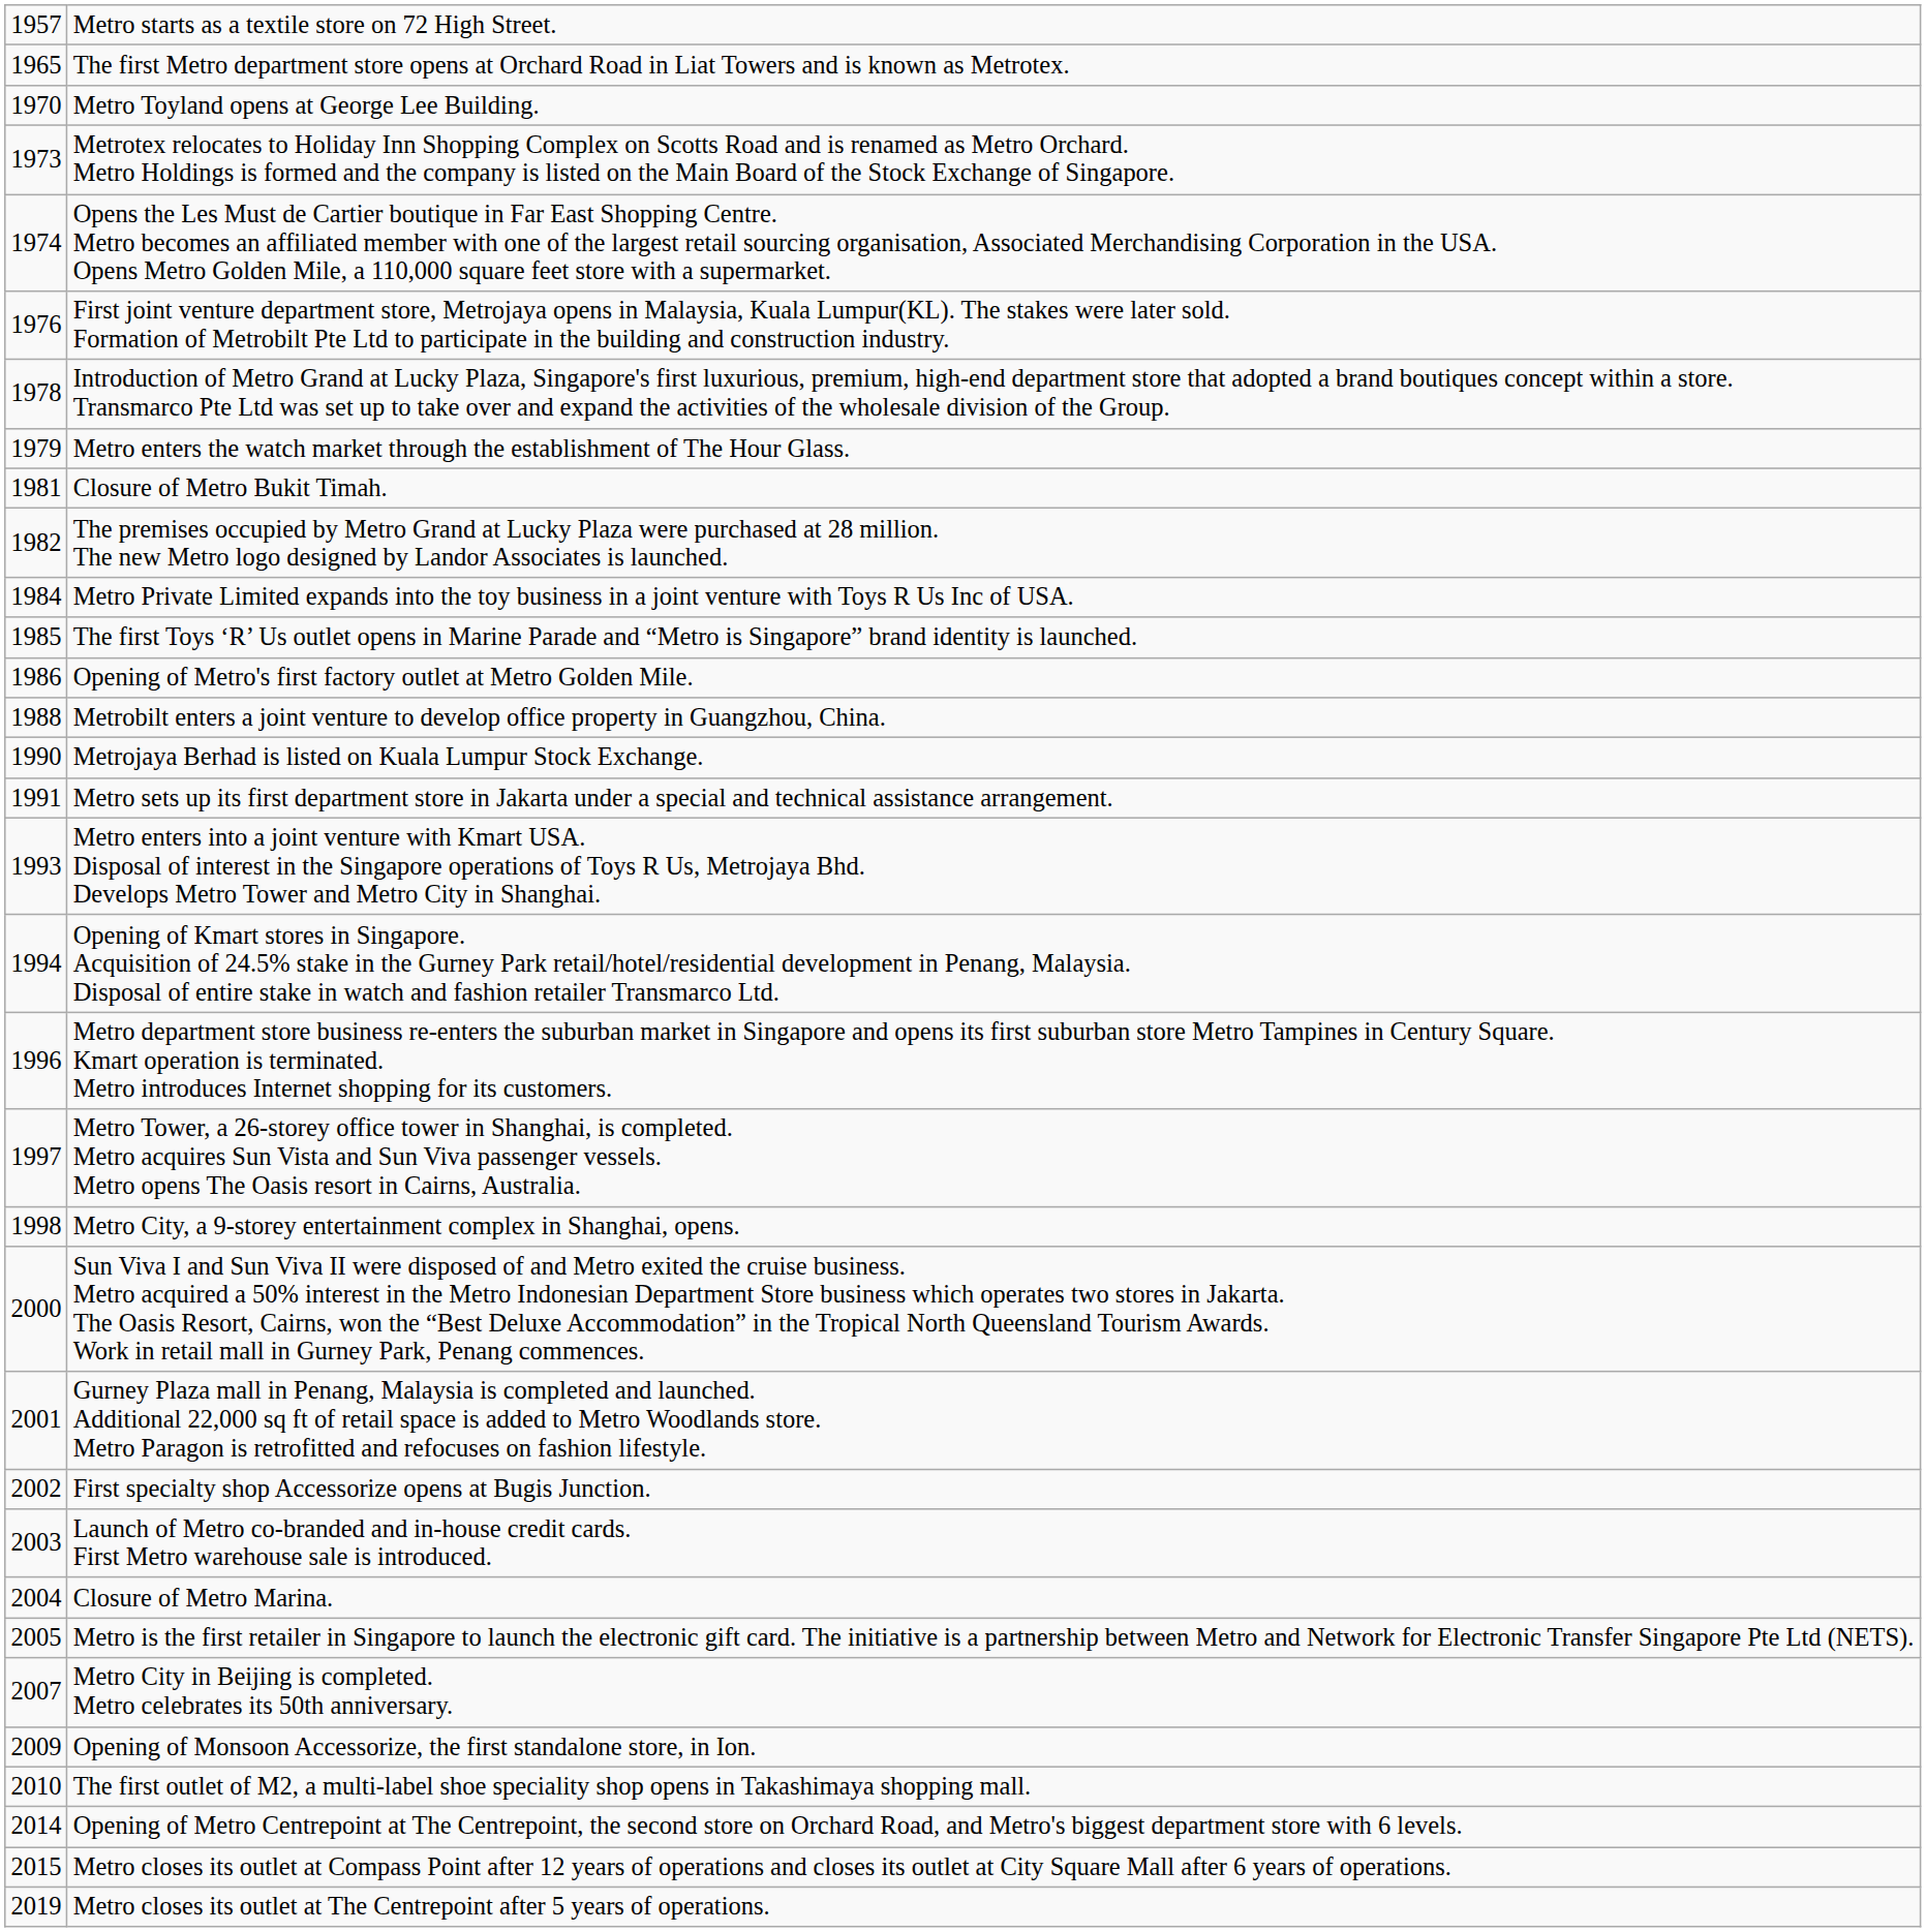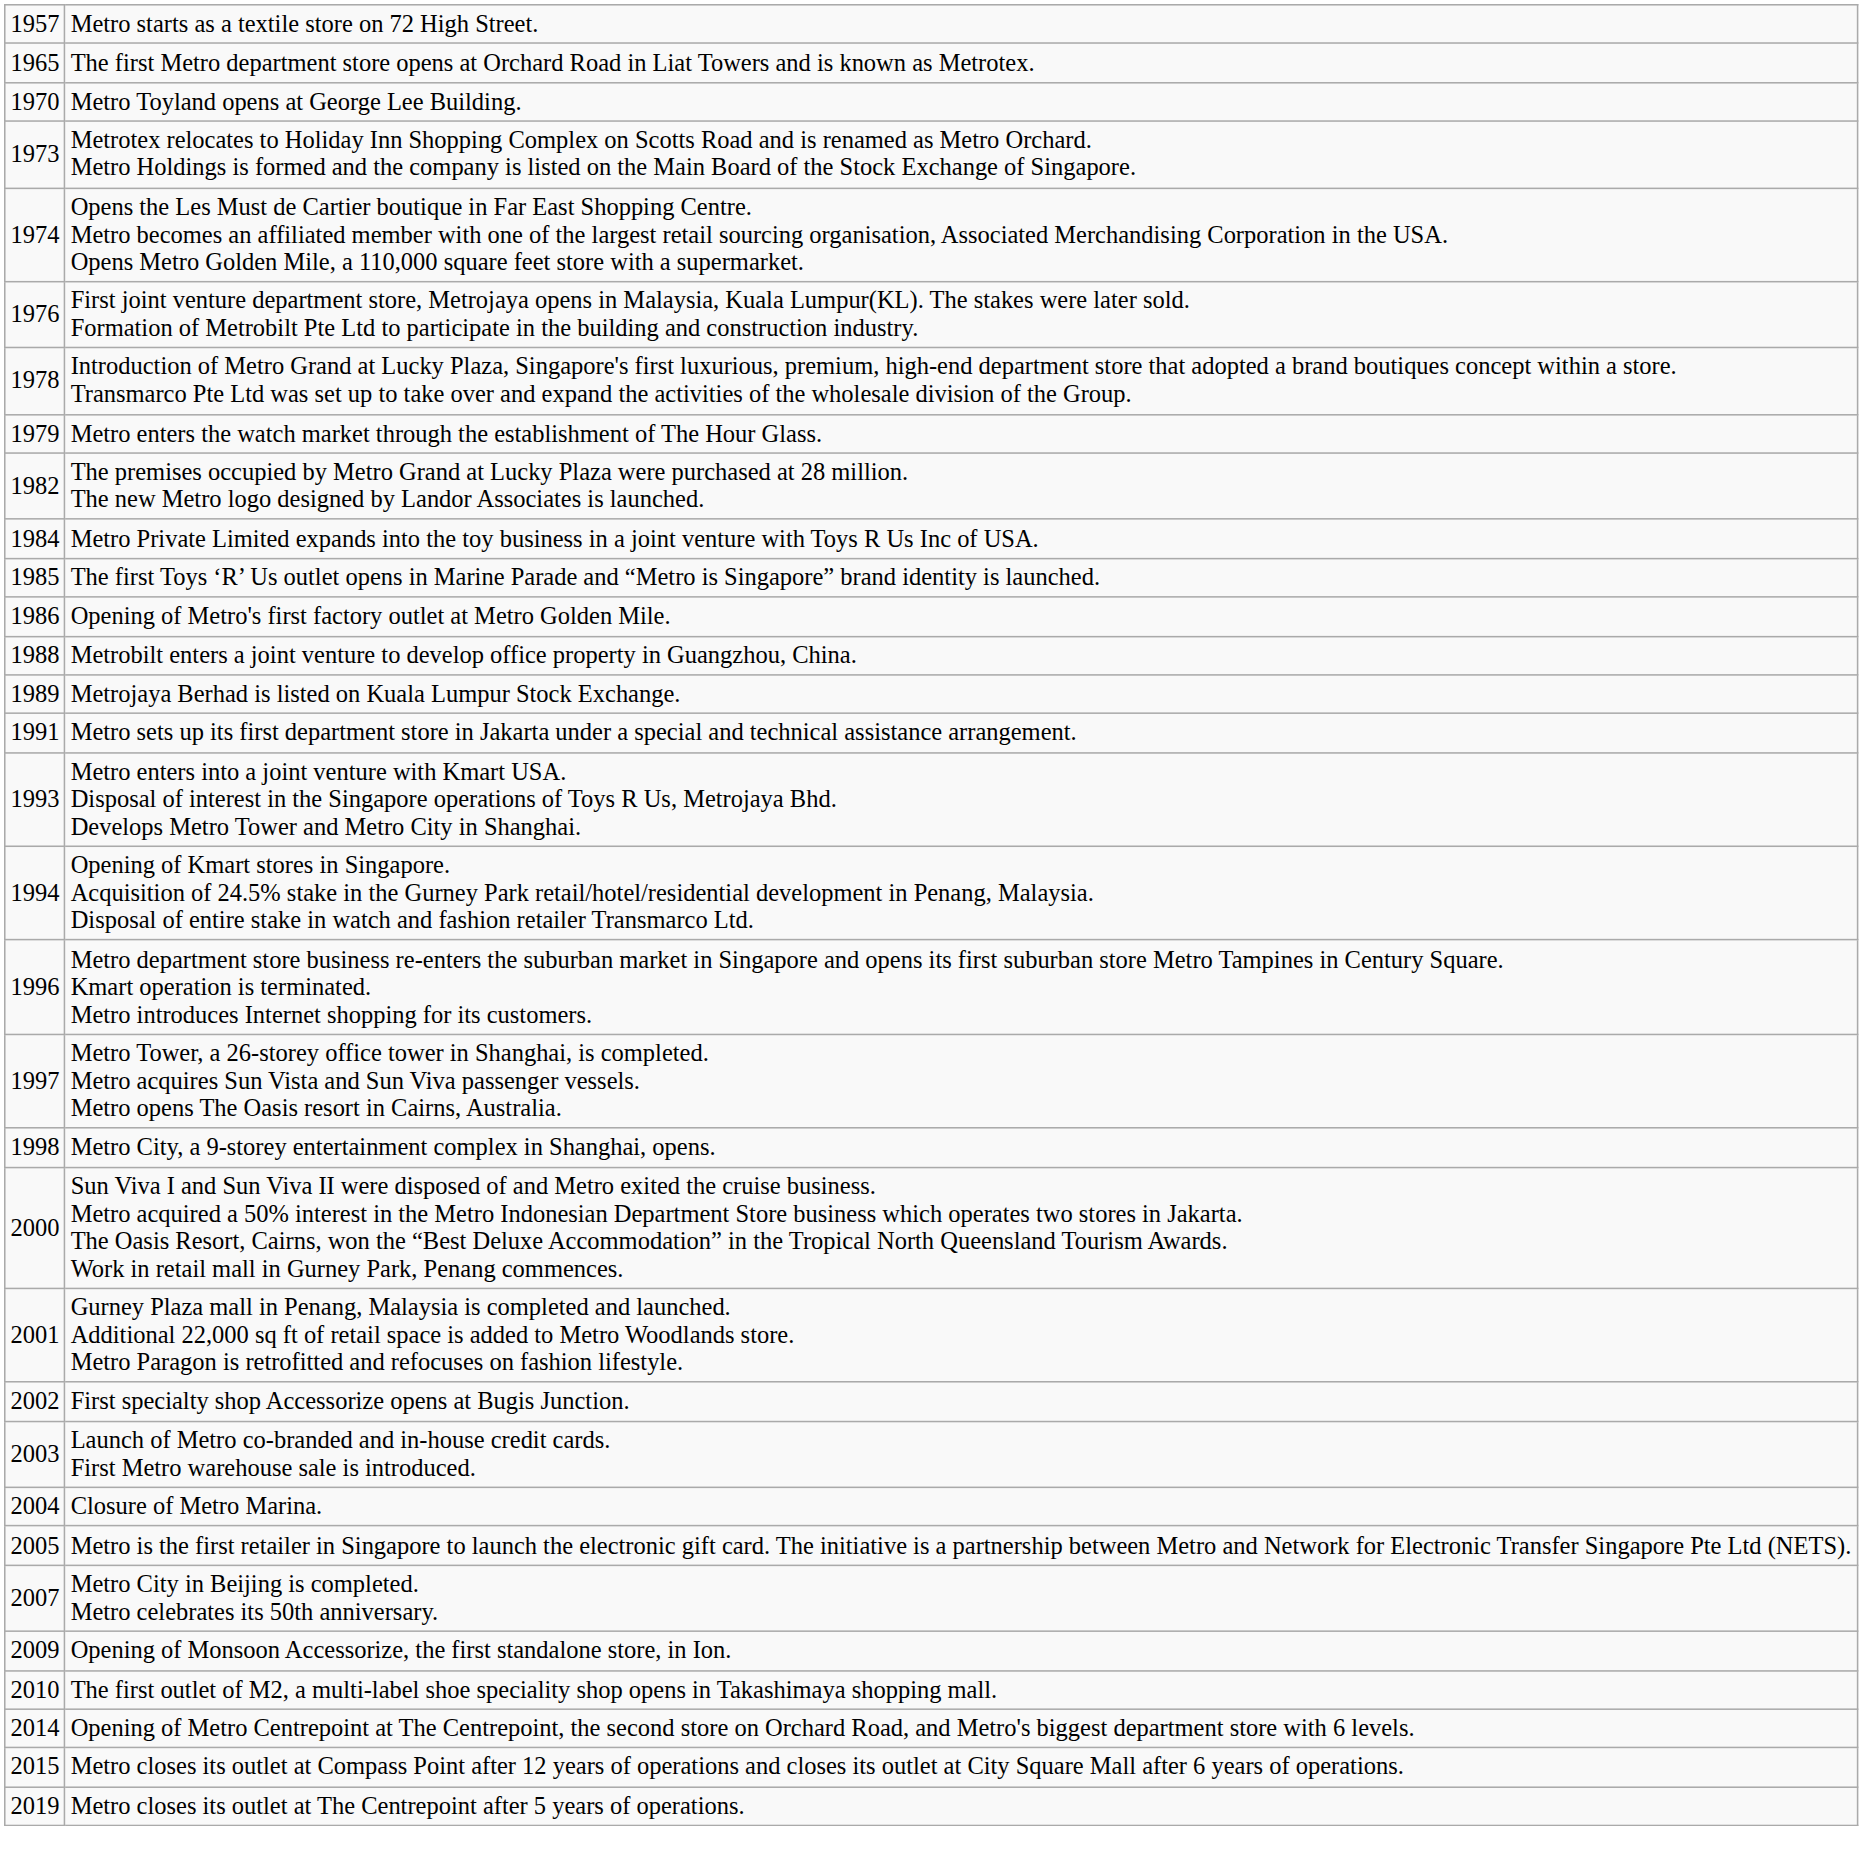 <table class="wikitable">
 <tr>
 <td>1957</td>
 <td>Metro starts as a textile store on 72 High Street.</td>
 </tr>
 <tr>
 <td>1965</td>
 <td>The first Metro department store opens at Orchard Road in Liat Towers and is known as Metrotex.</td>
 </tr>
 <tr>
 <td>1970</td>
 <td>Metro Toyland opens at George Lee Building.</td>
 </tr>
 <tr>
 <td>1973</td>
 <td>Metrotex relocates to Holiday Inn Shopping Complex on Scotts Road and is renamed as Metro Orchard.<br>Metro Holdings is formed and the company is listed on the Main Board of the Stock Exchange of Singapore.</td>
 </tr>
 <tr>
 <td>1974</td>
 <td>Opens the Les Must de Cartier boutique in Far East Shopping Centre.<br>Metro becomes an affiliated member with one of the largest retail sourcing organisation,  Associated Merchandising Corporation in the USA.<br>Opens Metro Golden Mile, a 110,000 square feet store with a supermarket.</td>
 </tr>
 <tr>
 <td>1976</td>
 <td>First joint venture department store, Metrojaya opens in Malaysia, Kuala Lumpur(KL). The stakes were later sold.<br>Formation of Metrobilt Pte Ltd to participate in the building and construction industry.</td>
 </tr>
 <tr>
 <td>1978</td>
 <td>Introduction of Metro Grand at Lucky Plaza, Singapore's first luxurious, premium, high-end department store that adopted a brand boutiques concept within a store.<br>Transmarco Pte Ltd was set up to take over and expand the activities of the wholesale division of the Group.</td>
 </tr>
 <tr>
 <td>1979</td>
 <td>Metro enters the watch market through the establishment of The Hour Glass.</td>
 </tr>
 <tr>
-<td>1981</td>
-<td>Closure of Metro Bukit Timah.</td>
-</tr>
-<tr>
 <td>1982</td>
 <td>The premises occupied by Metro Grand at Lucky Plaza were purchased at 28 million.<br>The new Metro logo designed by Landor Associates is launched.</td>
 </tr>
 <tr>
 <td>1984</td>
 <td>Metro Private Limited expands into the toy business in a joint venture with Toys R Us Inc of USA.</td>
 </tr>
 <tr>
 <td>1985</td>
 <td>The first Toys ‘R’ Us outlet opens in Marine Parade and “Metro is Singapore” brand identity is launched.</td>
 </tr>
 <tr>
 <td>1986</td>
 <td>Opening of Metro's first factory outlet at Metro Golden Mile.</td>
 </tr>
 <tr>
 <td>1988</td>
 <td>Metrobilt enters a joint venture to develop office property in Guangzhou, China.</td>
 </tr>
 <tr>
-<td>1990</td>
+<td>1989</td>
 <td>Metrojaya Berhad is listed on Kuala Lumpur Stock Exchange.</td>
 </tr>
 <tr>
 <td>1991</td>
 <td>Metro sets up its first department store in Jakarta under a special and technical assistance arrangement.</td>
 </tr>
 <tr>
 <td>1993</td>
 <td>Metro enters into a joint venture with Kmart USA.<br>Disposal of interest in the Singapore operations of Toys R Us, Metrojaya Bhd.<br>Develops Metro Tower and Metro City in Shanghai.</td>
 </tr>
 <tr>
 <td>1994</td>
 <td>Opening of Kmart stores in Singapore.<br>Acquisition of 24.5% stake in the Gurney Park retail/hotel/residential development in Penang, Malaysia.<br>Disposal of entire stake in watch and fashion retailer Transmarco Ltd.</td>
 </tr>
 <tr>
 <td>1996</td>
 <td>Metro department store business re-enters the suburban market in Singapore and opens its first suburban store Metro Tampines in Century Square.<br>Kmart operation is terminated.<br>Metro introduces Internet shopping for its customers.</td>
 </tr>
 <tr>
 <td>1997</td>
 <td>Metro Tower, a 26-storey office tower in Shanghai, is completed.<br>Metro acquires Sun Vista and Sun Viva passenger vessels.<br>Metro opens The Oasis resort in Cairns, Australia.</td>
 </tr>
 <tr>
 <td>1998</td>
 <td>Metro City, a 9-storey entertainment complex in Shanghai, opens.</td>
 </tr>
 <tr>
 <td>2000</td>
 <td>Sun Viva I and Sun Viva II were disposed of and Metro exited the cruise business.<br>Metro acquired a 50% interest in the Metro Indonesian Department Store business which operates two stores in Jakarta.<br>The Oasis Resort, Cairns, won the “Best Deluxe Accommodation” in the Tropical North Queensland Tourism Awards.<br>Work in retail mall in Gurney Park, Penang commences.</td>
 </tr>
 <tr>
 <td>2001</td>
 <td>Gurney Plaza mall in Penang, Malaysia is completed and launched.<br>Additional 22,000 sq ft of retail space is added to Metro Woodlands store.<br>Metro Paragon is retrofitted and refocuses on fashion lifestyle.</td>
 </tr>
 <tr>
 <td>2002</td>
 <td>First specialty shop Accessorize opens at Bugis Junction.</td>
 </tr>
 <tr>
 <td>2003</td>
 <td>Launch of Metro co-branded and in-house credit cards.<br>First Metro warehouse sale is introduced.</td>
 </tr>
 <tr>
 <td>2004</td>
 <td>Closure of Metro Marina.</td>
 </tr>
 <tr>
 <td>2005</td>
 <td>Metro is the first retailer in Singapore to launch the electronic gift card. The initiative is a partnership between Metro and Network for Electronic Transfer Singapore Pte Ltd (NETS).</td>
 </tr>
 <tr>
 <td>2007</td>
 <td>Metro City in Beijing is completed.<br>Metro celebrates its 50th anniversary.</td>
 </tr>
 <tr>
 <td>2009</td>
 <td>Opening of Monsoon Accessorize, the first standalone store, in Ion.</td>
 </tr>
 <tr>
 <td>2010</td>
 <td>The first outlet of M2, a multi-label shoe speciality shop opens in Takashimaya shopping mall.</td>
 </tr>
 <tr>
 <td>2014</td>
 <td>Opening of Metro Centrepoint at The Centrepoint, the second store on Orchard Road, and Metro's biggest department store with 6 levels.</td>
 </tr>
 <tr>
 <td>2015</td>
 <td>Metro closes its outlet at Compass Point after 12 years of operations and closes its outlet at City Square Mall after 6 years of operations.</td>
 </tr>
 <tr>
 <td>2019</td>
 <td>Metro closes its outlet at The Centrepoint after 5 years of operations.</td>
 </tr>
 </table>
